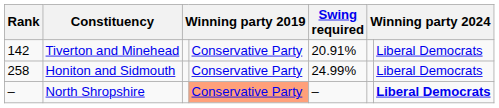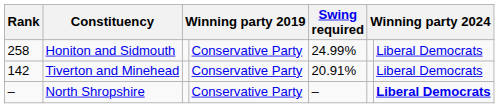 <table class="wikitable sortable">
 <tr>
 <th>Rank</th>
 <th>Constituency</th>
 <th colspan="2">Winning party 2019</th>
 <th><a href='#'>Swing</a> <br>required</th>
 <th colspan="2">Winning party 2024</th>
+</tr>
+<tr>
+<td>258</td>
+<td><a href='#'>Honiton and Sidmouth</a></td>
+<td class="unsortable" style="background-color: "></td>
+<td><a href='#'>Conservative Party</a></td>
+<td>24.99%</td>
+<td class="unsortable" style="background-color: "></td>
+<td><a href='#'>Liberal Democrats</a></td>
 </tr>
 <tr>
 <td>142</td>
 <td><a href='#'>Tiverton and Minehead</a></td>
 <td class="unsortable" style="background-color: "></td>
 <td><a href='#'>Conservative Party</a></td>
 <td>20.91%</td>
 <td class="unsortable" style="background-color: "></td>
 <td><a href='#'>Liberal Democrats</a></td>
 </tr>
 <tr>
-<td>258</td>
-<td><a href='#'>Honiton and Sidmouth</a></td>
-<td class="unsortable" style="background-color: "></td>
-<td><a href='#'>Conservative Party</a></td>
-<td>24.99%</td>
-<td class="unsortable" style="background-color: "></td>
-<td><a href='#'>Liberal Democrats</a></td>
-</tr>
-<tr>
 <td>–</td>
 <td><a href='#'>North Shropshire</a></td>
 <td class="unsortable" style="background-color: "></td>
-<td style="background: lightsalmon;"><a href='#'>Conservative Party</a></td>
+<td><a href='#'>Conservative Party</a></td>
 <td>–</td>
 <td class="unsortable" style="background-color: "></td>
 <td><strong><a href='#'>Liberal Democrats</a></strong></td>
 </tr>
 </table>
